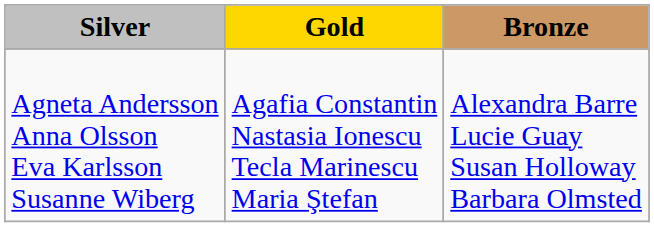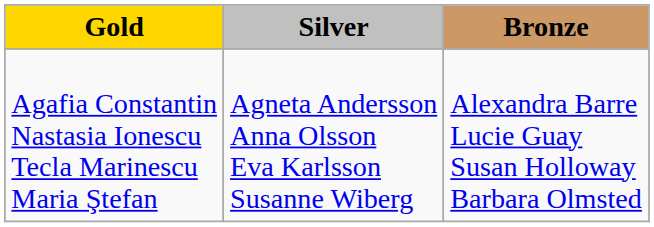 <table class=wikitable>
 <tr>
+<td align=center bgcolor=gold> <strong>Gold</strong></td>
 <td align=center bgcolor=silver> <strong>Silver</strong></td>
-<td align=center bgcolor=gold> <strong>Gold</strong></td>
 <td align=center bgcolor=cc9966> <strong>Bronze</strong></td>
 </tr>
 <tr>
+<td><br><a href='#'>Agafia Constantin</a><br><a href='#'>Nastasia Ionescu</a><br><a href='#'>Tecla Marinescu</a><br><a href='#'>Maria Ştefan</a></td>
 <td><br><a href='#'>Agneta Andersson</a><br><a href='#'>Anna Olsson</a><br><a href='#'>Eva Karlsson</a><br><a href='#'>Susanne Wiberg</a></td>
-<td><br><a href='#'>Agafia Constantin</a><br><a href='#'>Nastasia Ionescu</a><br><a href='#'>Tecla Marinescu</a><br><a href='#'>Maria Ştefan</a></td>
 <td><br><a href='#'>Alexandra Barre</a><br><a href='#'>Lucie Guay</a><br><a href='#'>Susan Holloway</a><br><a href='#'>Barbara Olmsted</a></td>
 </tr>
 </table>
